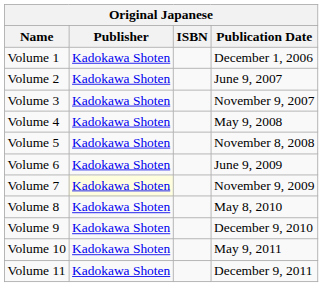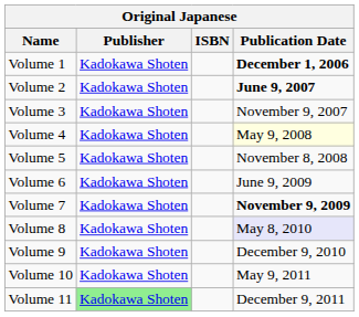 <table class="wikitable" border="1">
 <tr>
 <th colspan="4">Original Japanese</th>
 </tr>
 <tr>
 <th>Name</th>
 <th>Publisher</th>
 <th>ISBN</th>
 <th>Publication Date</th>
 </tr>
 <tr>
 <td>Volume 1</td>
 <td><a href='#'>Kadokawa Shoten</a></td>
 <td></td>
-<td>December 1, 2006</td>
+<td><strong>December 1, 2006</strong></td>
 </tr>
 <tr>
 <td>Volume 2</td>
 <td><a href='#'>Kadokawa Shoten</a></td>
 <td></td>
-<td>June 9, 2007</td>
+<td><strong>June 9, 2007</strong></td>
 </tr>
 <tr>
 <td>Volume 3</td>
 <td><a href='#'>Kadokawa Shoten</a></td>
 <td></td>
 <td>November 9, 2007</td>
 </tr>
 <tr>
 <td>Volume 4</td>
 <td><a href='#'>Kadokawa Shoten</a></td>
 <td></td>
-<td>May 9, 2008</td>
+<td style="background: lightyellow;">May 9, 2008</td>
 </tr>
 <tr>
 <td>Volume 5</td>
 <td><a href='#'>Kadokawa Shoten</a></td>
 <td></td>
 <td>November 8, 2008</td>
 </tr>
 <tr>
 <td>Volume 6</td>
 <td><a href='#'>Kadokawa Shoten</a></td>
 <td></td>
 <td>June 9, 2009</td>
 </tr>
 <tr>
 <td>Volume 7</td>
-<td style="background: lightyellow;"><a href='#'>Kadokawa Shoten</a></td>
+<td><a href='#'>Kadokawa Shoten</a></td>
 <td></td>
-<td>November 9, 2009</td>
+<td><strong>November 9, 2009</strong></td>
 </tr>
 <tr>
 <td>Volume 8</td>
 <td><a href='#'>Kadokawa Shoten</a></td>
 <td></td>
-<td>May 8, 2010</td>
+<td style="background: lavender;">May 8, 2010</td>
 </tr>
 <tr>
 <td>Volume 9</td>
 <td><a href='#'>Kadokawa Shoten</a></td>
 <td></td>
 <td>December 9, 2010</td>
 </tr>
 <tr>
 <td>Volume 10</td>
 <td><a href='#'>Kadokawa Shoten</a></td>
 <td></td>
 <td>May 9, 2011</td>
 </tr>
 <tr>
 <td>Volume 11</td>
-<td><a href='#'>Kadokawa Shoten</a></td>
+<td style="background: lightgreen;"><a href='#'>Kadokawa Shoten</a></td>
 <td></td>
 <td>December 9, 2011</td>
 </tr>
 </table>
